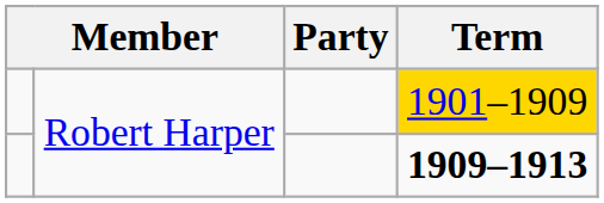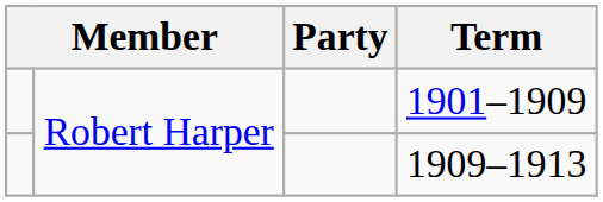 <table class="wikitable">
 <tr>
 <th colspan="2">Member</th>
 <th>Party</th>
 <th>Term</th>
 </tr>
 <tr>
 <td> </td>
 <td rowspan="2"><a href='#'>Robert Harper</a></td>
 <td></td>
-<td style="background: gold;"><a href='#'>1901</a>–1909</td>
+<td><a href='#'>1901</a>–1909</td>
 </tr>
 <tr>
 <td> </td>
 <td></td>
-<td><strong>1909–1913</strong></td>
+<td>1909–1913</td>
 </tr>
 </table>
